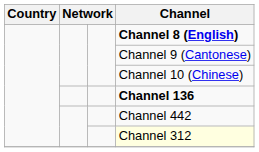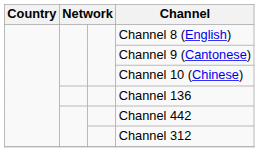 <table class="wikitable">
 <tr>
 <th>Country</th>
 <th colspan="2">Network</th>
 <th>Channel</th>
 </tr>
 <tr>
 <td rowspan="6"></td>
 <td rowspan="3"></td>
 <td rowspan="3"></td>
-<td><strong>Channel 8 (<a href='#'>English</a>)</strong></td>
+<td>Channel 8 (<a href='#'>English</a>)</td>
 </tr>
 <tr>
 <td>Channel 9 (<a href='#'>Cantonese</a>)</td>
 </tr>
 <tr>
 <td>Channel 10 (<a href='#'>Chinese</a>)</td>
 </tr>
 <tr>
 <td></td>
 <td></td>
-<td><strong>Channel 136</strong></td>
+<td>Channel 136</td>
 </tr>
 <tr>
 <td rowspan="2"></td>
 <td></td>
 <td>Channel 442</td>
 </tr>
 <tr>
 <td></td>
-<td style="background: lightyellow;">Channel 312</td>
+<td>Channel 312</td>
 </tr>
 <tr>
 </tr>
 </table>
